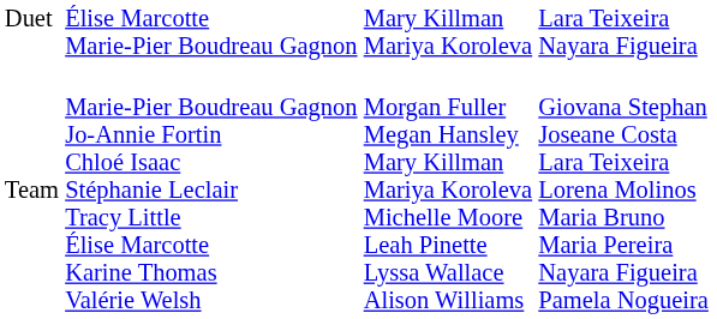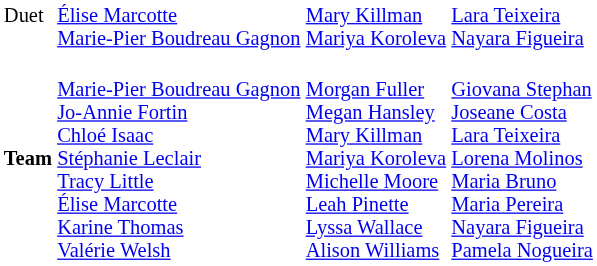 <table>
 <tr>
 <td>Duet<br></td>
 <td><br><a href='#'>Élise Marcotte</a><br><a href='#'>Marie-Pier Boudreau Gagnon</a></td>
 <td><br><a href='#'>Mary Killman</a><br><a href='#'>Mariya Koroleva</a></td>
 <td><br><a href='#'>Lara Teixeira</a><br> <a href='#'>Nayara Figueira</a></td>
 </tr>
 <tr>
-<td>Team<br></td>
+<td><strong>Team<br></strong></td>
 <td><br><a href='#'>Marie-Pier Boudreau Gagnon</a><br><a href='#'>Jo-Annie Fortin</a><br><a href='#'>Chloé Isaac</a><br><a href='#'>Stéphanie Leclair</a><br><a href='#'>Tracy Little</a><br><a href='#'>Élise Marcotte</a><br><a href='#'>Karine Thomas</a><br><a href='#'>Valérie Welsh</a></td>
 <td><br><a href='#'>Morgan Fuller</a><br><a href='#'>Megan Hansley</a><br><a href='#'>Mary Killman</a><br><a href='#'>Mariya Koroleva</a><br><a href='#'>Michelle Moore</a><br><a href='#'>Leah Pinette</a><br><a href='#'>Lyssa Wallace</a><br><a href='#'>Alison Williams</a></td>
 <td><br><a href='#'>Giovana Stephan</a><br><a href='#'>Joseane Costa</a><br><a href='#'>Lara Teixeira</a><br><a href='#'>Lorena Molinos</a><br><a href='#'>Maria Bruno</a><br><a href='#'>Maria Pereira</a><br><a href='#'>Nayara Figueira</a><br><a href='#'>Pamela Nogueira</a></td>
 </tr>
 </table>
